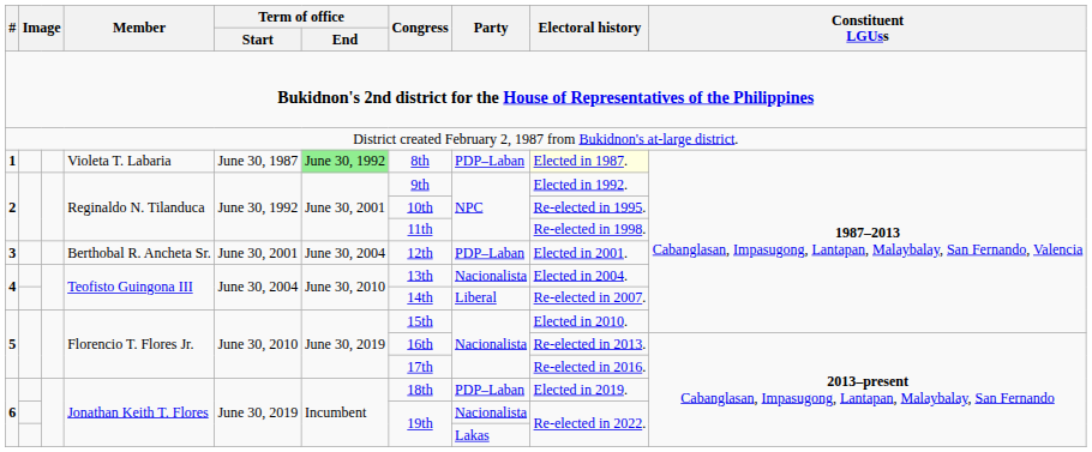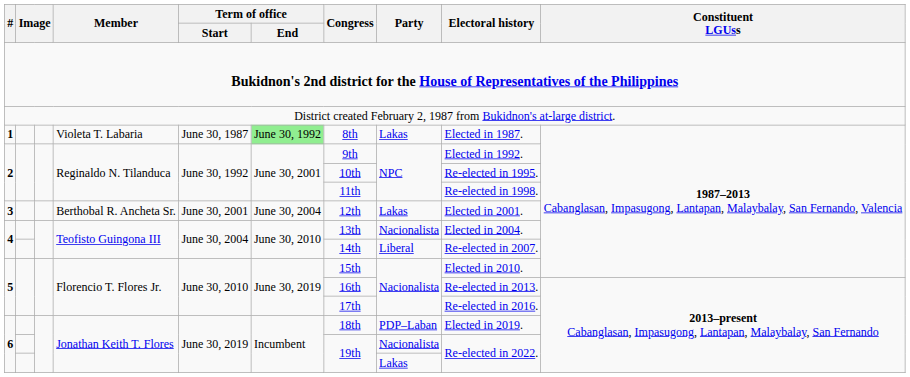 <table class=wikitable>
 <tr>
 <th rowspan="2">#</th>
 <th rowspan="2" colspan=2>Image</th>
 <th rowspan="2">Member</th>
 <th colspan=2>Term of office</th>
 <th rowspan="2">Congress</th>
 <th rowspan="2">Party</th>
 <th rowspan="2">Electoral history</th>
 <th rowspan="2">Constituent<br><a href='#'>LGUs</a>s</th>
 </tr>
 <tr>
 <th>Start</th>
 <th>End</th>
 </tr>
 <tr>
 <td colspan="10" style="text-align:center;"><br><h3>Bukidnon's 2nd district for the <a href='#'>House of Representatives of the Philippines</a></h3></td>
 </tr>
 <tr>
 <td colspan="10" style="text-align:center;">District created February 2, 1987 from <a href='#'>Bukidnon's at-large district</a>.</td>
 </tr>
 <tr>
 <td style="text-align:center;"><strong>1</strong></td>
 <td style="color:inherit;background:"></td>
 <td></td>
 <td>Violeta T. Labaria</td>
 <td>June 30, 1987</td>
 <td style="background: lightgreen;">June 30, 1992</td>
 <td style="text-align:center;"><a href='#'>8th</a></td>
-<td><a href='#'>PDP–Laban</a></td>
-<td style="background: lightyellow;"><a href='#'>Elected in 1987</a>.</td>
+<td><a href='#'>Lakas</a></td>
+<td><a href='#'>Elected in 1987</a>.</td>
 <td rowspan="8" style="text-align:center;"><strong>1987–2013</strong><br><a href='#'>Cabanglasan</a>, <a href='#'>Impasugong</a>, <a href='#'>Lantapan</a>, <a href='#'>Malaybalay</a>, <a href='#'>San Fernando</a>, <a href='#'>Valencia</a></td>
 </tr>
 <tr>
 <td rowspan="3" style="text-align:center;"><strong>2</strong></td>
 <td rowspan="3" style="color:inherit;background:"></td>
 <td rowspan="3"></td>
 <td rowspan="3">Reginaldo N. Tilanduca</td>
 <td rowspan="3">June 30, 1992</td>
 <td rowspan="3">June 30, 2001</td>
 <td style="text-align:center;"><a href='#'>9th</a></td>
 <td rowspan="3"><a href='#'>NPC</a></td>
 <td><a href='#'>Elected in 1992</a>.</td>
 </tr>
 <tr>
 <td style="text-align:center;"><a href='#'>10th</a></td>
 <td><a href='#'>Re-elected in 1995</a>.</td>
 </tr>
 <tr>
 <td style="text-align:center;"><a href='#'>11th</a></td>
 <td><a href='#'>Re-elected in 1998</a>.</td>
 </tr>
 <tr>
 <td style="text-align:center;"><strong>3</strong></td>
 <td style="color:inherit;background:"></td>
 <td></td>
 <td>Berthobal R. Ancheta Sr.</td>
 <td>June 30, 2001</td>
 <td>June 30, 2004</td>
 <td style="text-align:center;"><a href='#'>12th</a></td>
-<td><a href='#'>PDP–Laban</a></td>
+<td><a href='#'>Lakas</a></td>
 <td><a href='#'>Elected in 2001</a>.</td>
 </tr>
 <tr>
 <td rowspan="2" style="text-align:center;"><strong>4</strong></td>
 <td style="color:inherit;background:"></td>
 <td rowspan="2"></td>
 <td rowspan="2"><a href='#'>Teofisto Guingona III</a></td>
 <td rowspan="2">June 30, 2004</td>
 <td rowspan="2">June 30, 2010</td>
 <td style="text-align:center;"><a href='#'>13th</a></td>
 <td><a href='#'>Nacionalista</a></td>
 <td><a href='#'>Elected in 2004</a>.</td>
 </tr>
 <tr>
 <td style="color:inherit;background:"></td>
 <td style="text-align:center;"><a href='#'>14th</a></td>
 <td><a href='#'>Liberal</a></td>
 <td><a href='#'>Re-elected in 2007</a>.</td>
 </tr>
 <tr>
 <td rowspan="3" style="text-align:center;"><strong>5</strong></td>
 <td rowspan="3" style="color:inherit;background:"></td>
 <td rowspan="3"></td>
 <td rowspan="3">Florencio T. Flores Jr.</td>
 <td rowspan="3">June 30, 2010</td>
 <td rowspan="3">June 30, 2019</td>
 <td style="text-align:center;"><a href='#'>15th</a></td>
 <td rowspan="3"><a href='#'>Nacionalista</a></td>
 <td><a href='#'>Elected in 2010</a>.</td>
 </tr>
 <tr>
 <td style="text-align:center;"><a href='#'>16th</a></td>
 <td><a href='#'>Re-elected in 2013</a>.</td>
 <td rowspan=99 style="text-align:center;"><strong>2013–present</strong><br><a href='#'>Cabanglasan</a>, <a href='#'>Impasugong</a>, <a href='#'>Lantapan</a>, <a href='#'>Malaybalay</a>, <a href='#'>San Fernando</a></td>
 </tr>
 <tr>
 <td style="text-align:center;"><a href='#'>17th</a></td>
 <td><a href='#'>Re-elected in 2016</a>.</td>
 </tr>
 <tr>
 <td rowspan="3" style="text-align:center;"><strong>6</strong></td>
 <td style="color:inherit;background:"></td>
 <td rowspan="3"></td>
 <td rowspan="3"><a href='#'>Jonathan Keith T. Flores</a></td>
 <td rowspan="3">June 30, 2019</td>
 <td rowspan="3">Incumbent</td>
 <td style="text-align:center;"><a href='#'>18th</a></td>
 <td><a href='#'>PDP–Laban</a></td>
 <td><a href='#'>Elected in 2019</a>.</td>
 </tr>
 <tr>
 <td style="color:inherit;background:"></td>
 <td style="text-align:center;" rowspan="2"><a href='#'>19th</a></td>
 <td><a href='#'>Nacionalista</a></td>
 <td rowspan="2"><a href='#'>Re-elected in 2022</a>.</td>
 </tr>
 <tr>
 <td style="color:inherit;background:"></td>
 <td><a href='#'>Lakas</a></td>
 </tr>
 </table>
